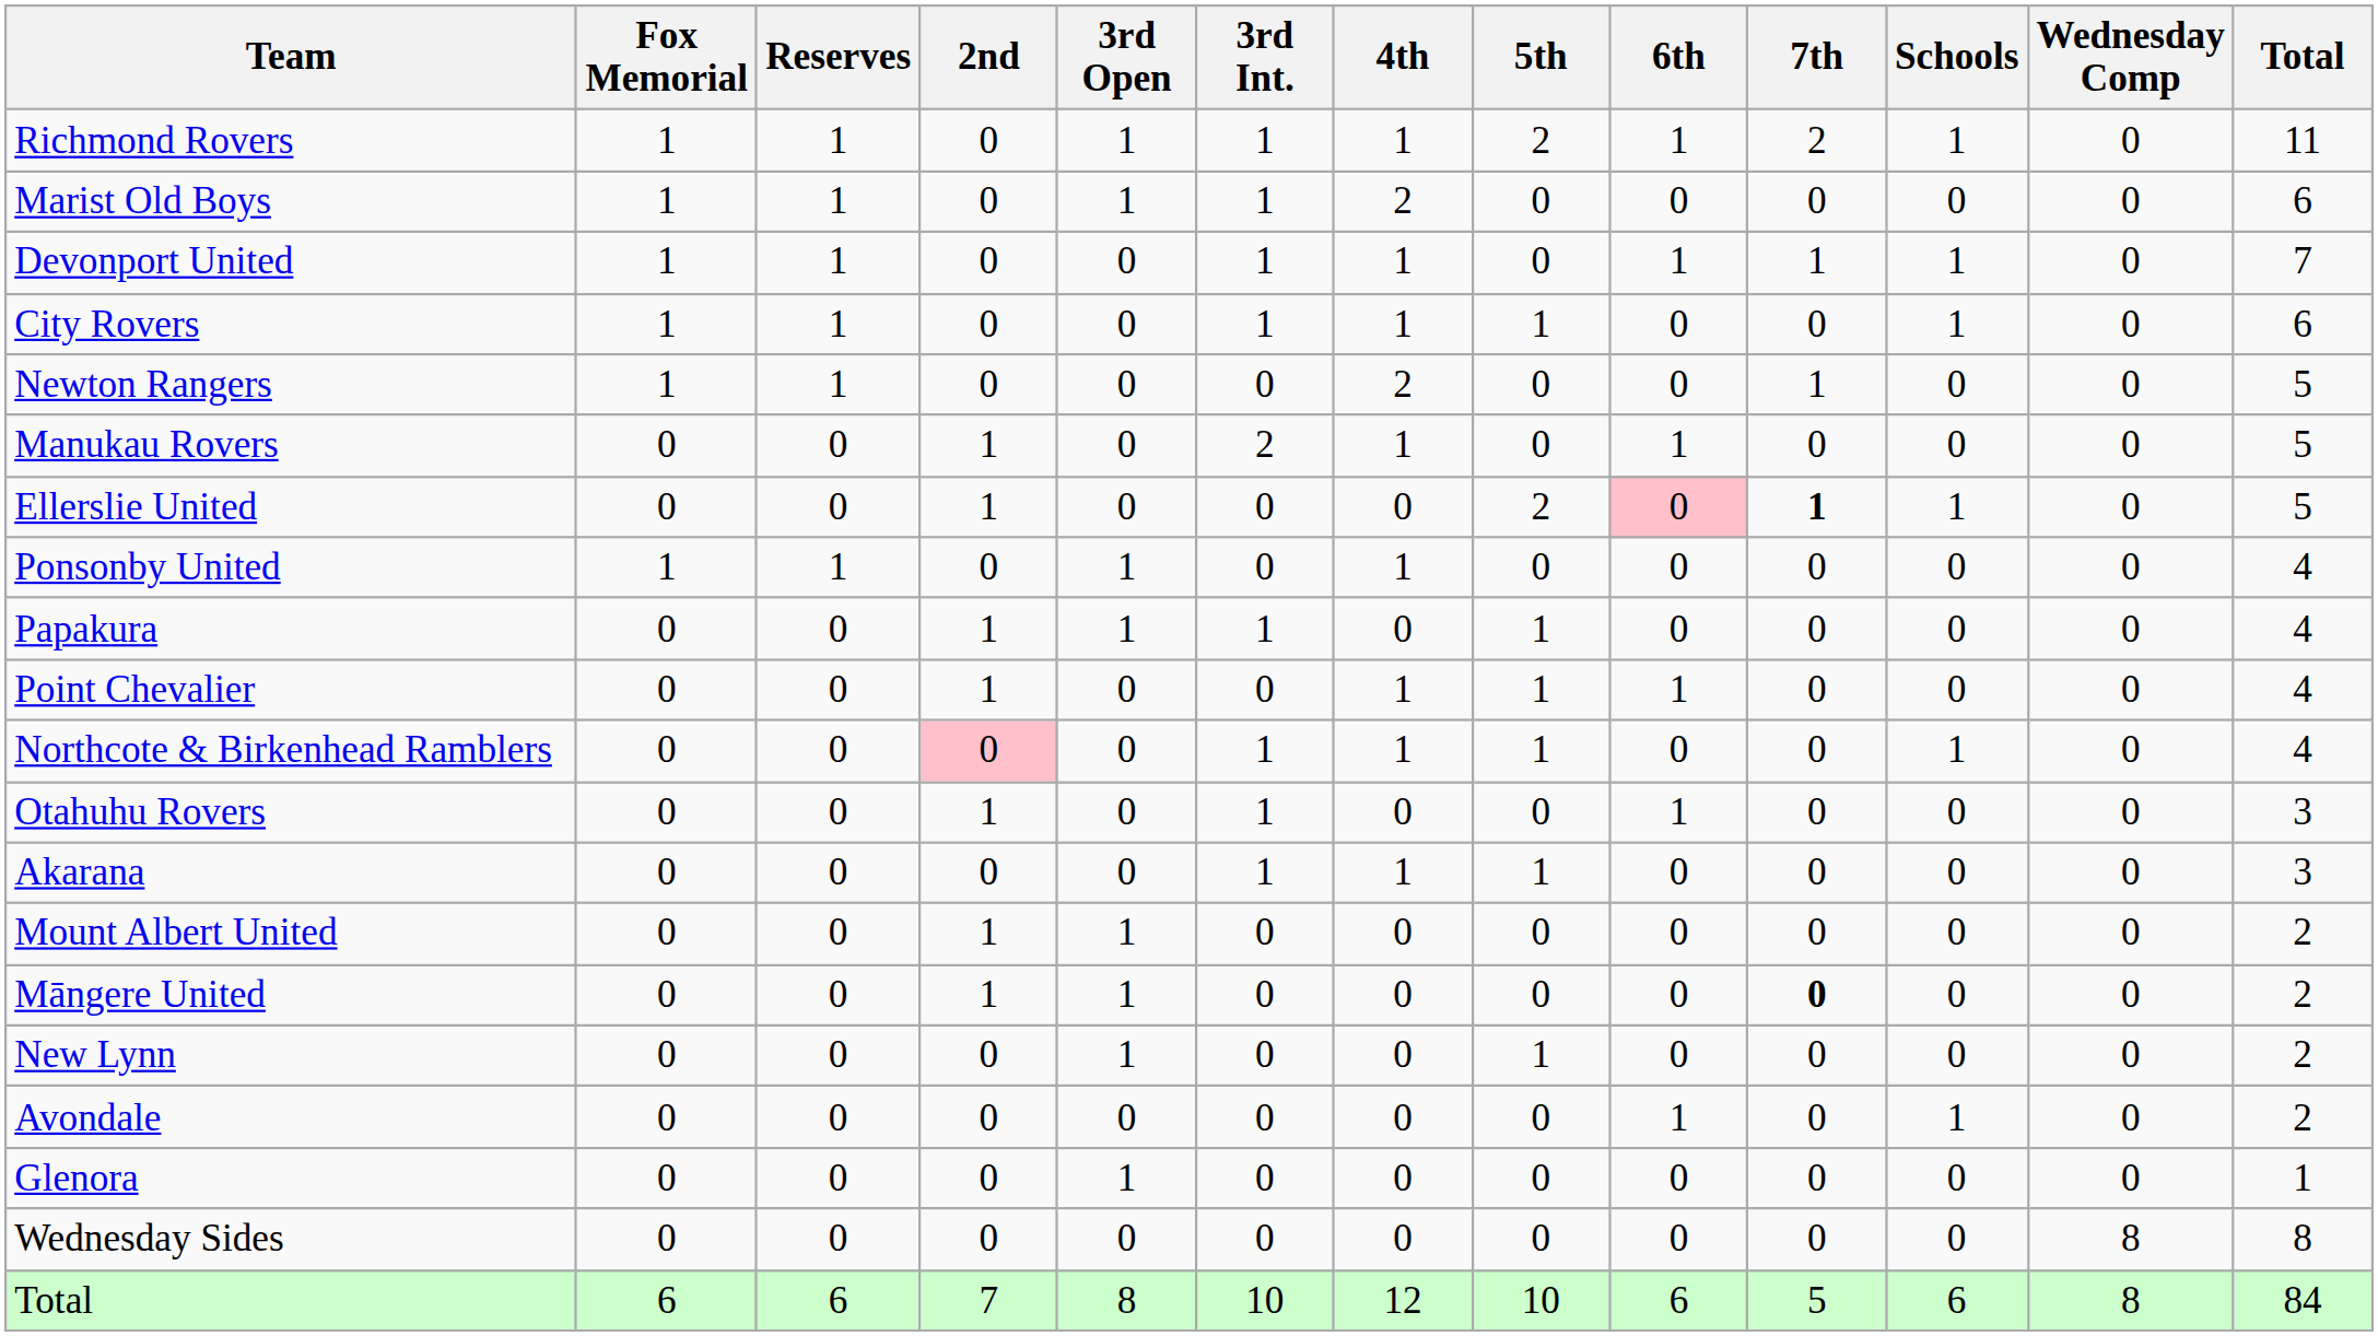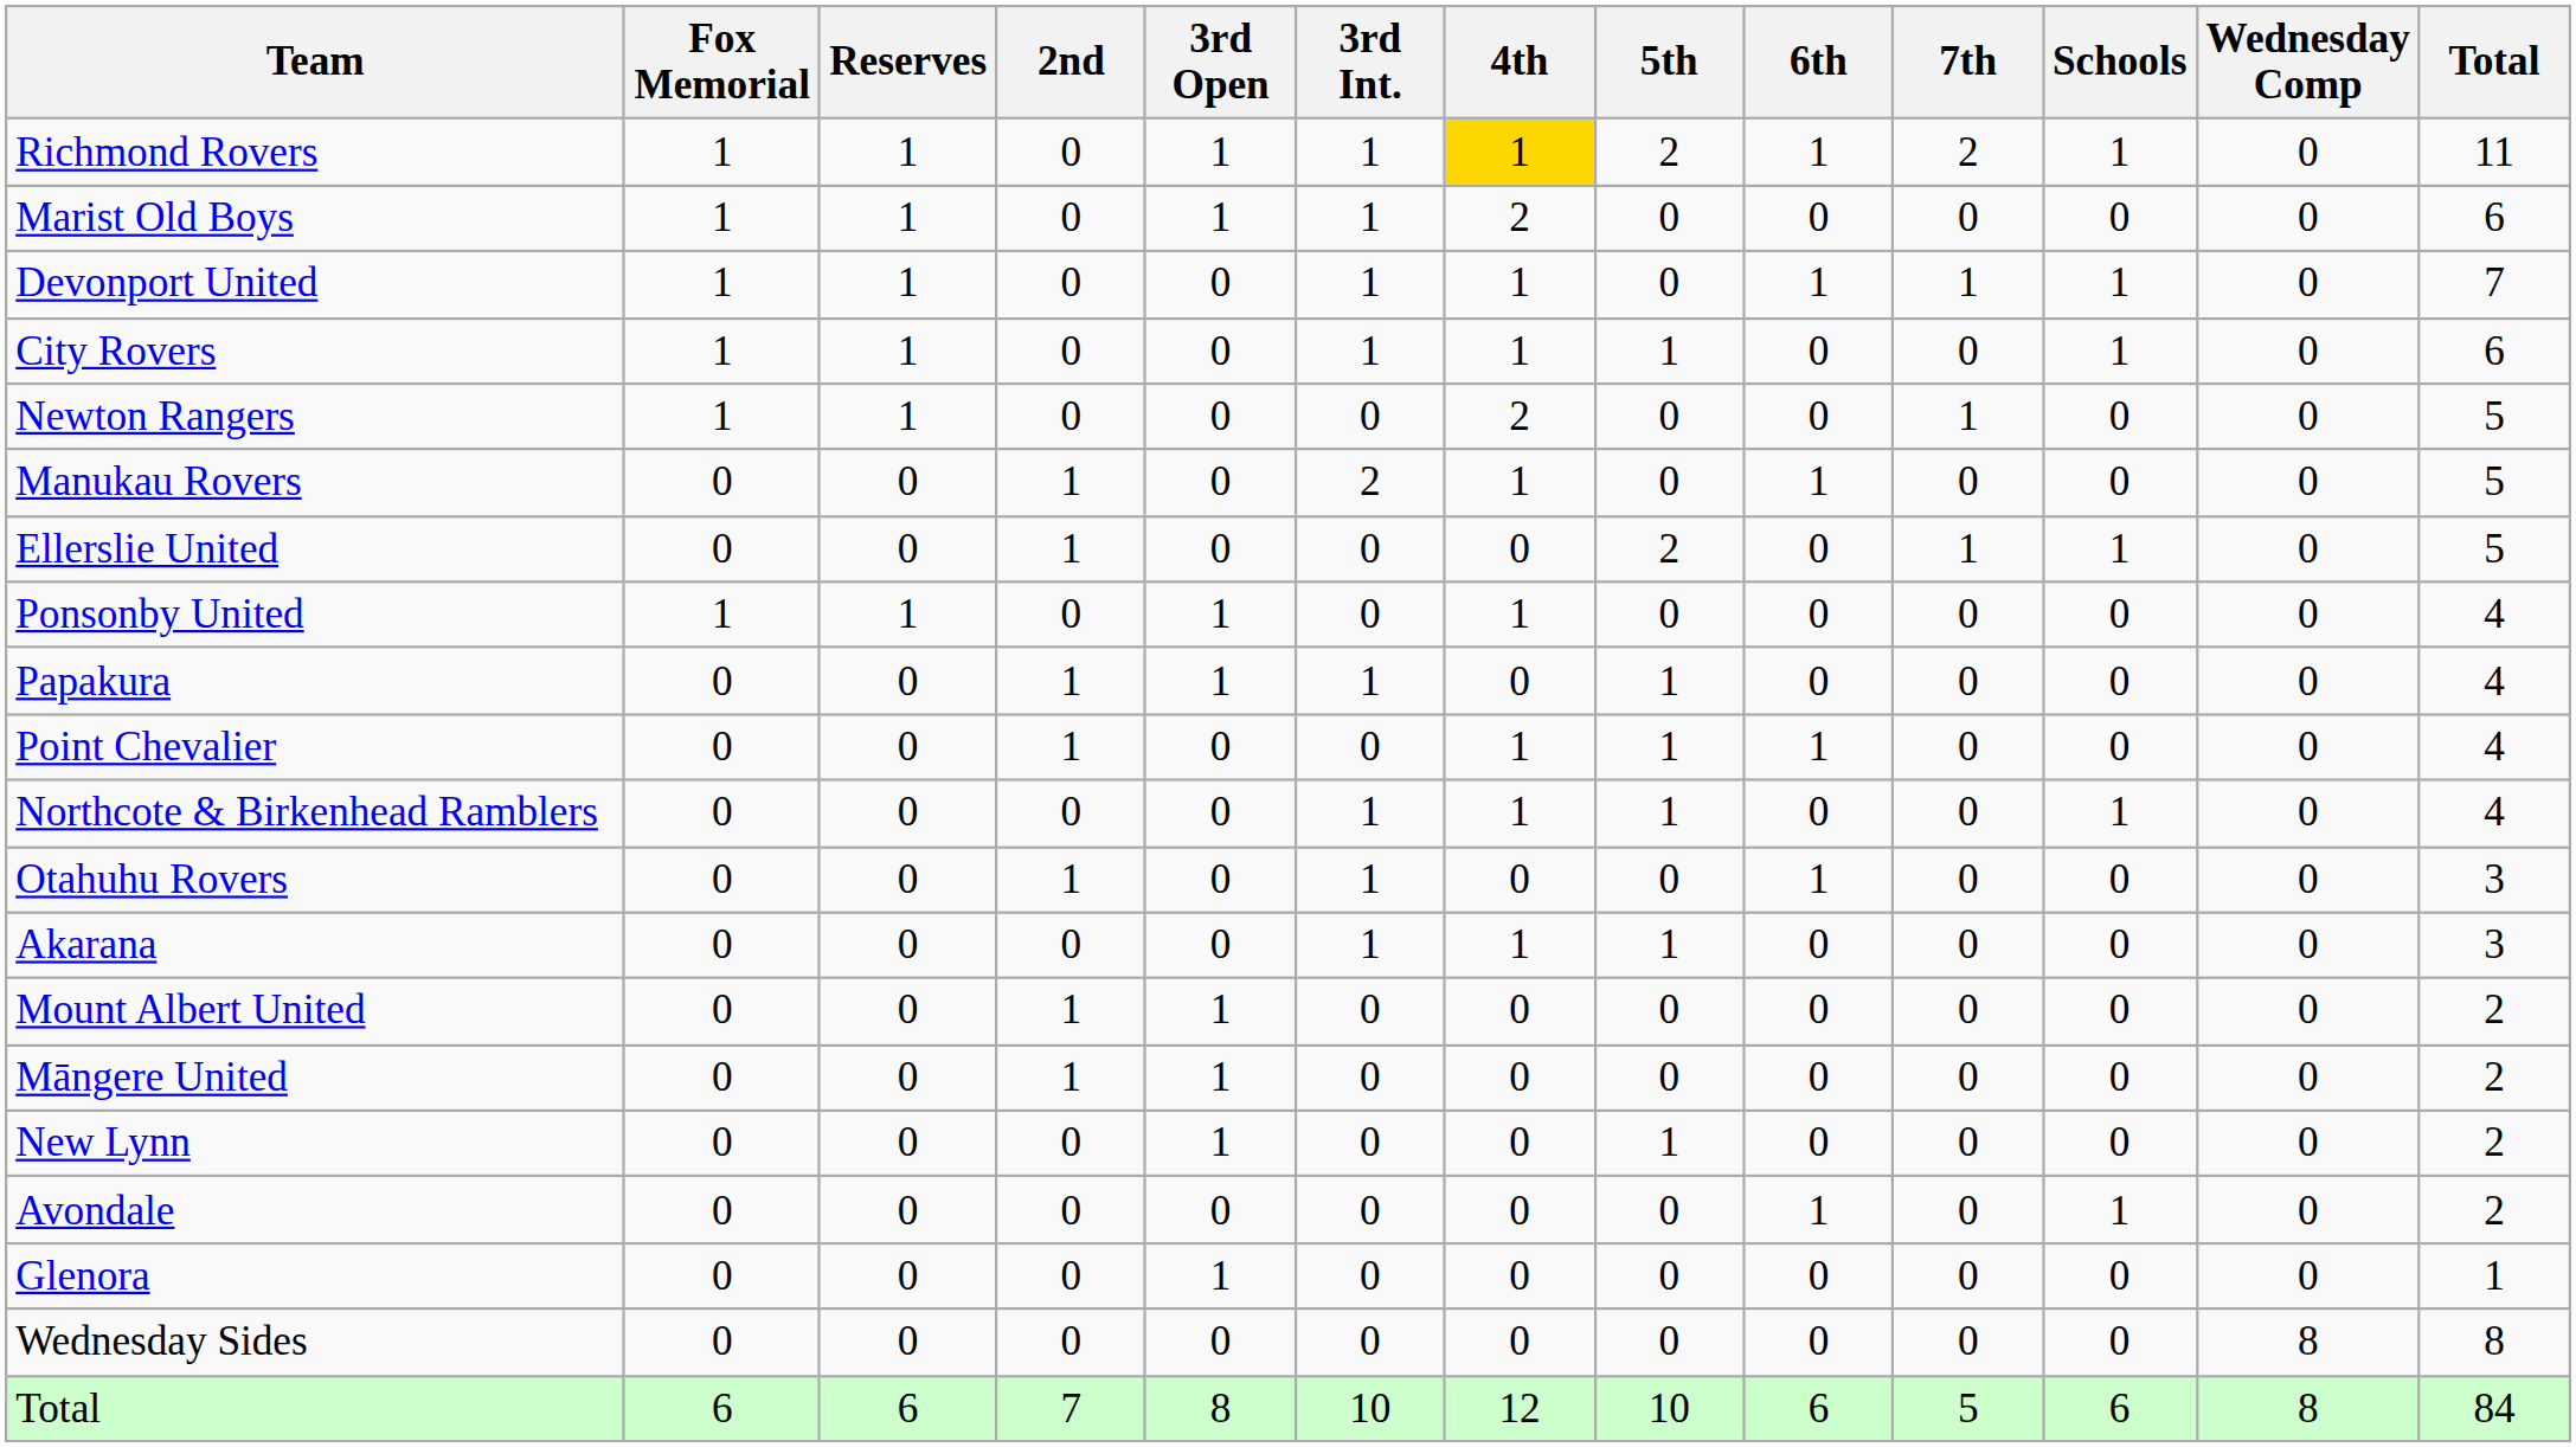 <table class="wikitable" style="text-align:center;">
 <tr>
 <th width=230>Team</th>
 <th width=50 abbr="1st Grade">Fox Memorial</th>
 <th width=50 abbr="Reserves">Reserves</th>
 <th width=50 abbr="2nd Grade">2nd</th>
 <th width=50 abbr="3rd Grade">3rd Open</th>
 <th width=50 abbr="3rd Grade">3rd Int.</th>
 <th width=50 abbr="4th Grade">4th</th>
 <th width=50 abbr="5th Grade">5th</th>
 <th width=50 abbr="6th Grade">6th</th>
 <th width=50 abbr="7th Grade">7th</th>
 <th width=50 abbr="Schoolboys">Schools</th>
 <th width=50 abbr="Wednesday Comp">Wednesday Comp</th>
 <th width=50 abbr="Total">Total</th>
 </tr>
 <tr>
 <td style="text-align:left;"><a href='#'>Richmond Rovers</a></td>
 <td>1</td>
 <td>1</td>
 <td>0</td>
 <td>1</td>
 <td>1</td>
-<td>1</td>
+<td style="background: gold;">1</td>
 <td>2</td>
 <td>1</td>
 <td>2</td>
 <td>1</td>
 <td>0</td>
 <td>11</td>
 </tr>
 <tr>
 <td style="text-align:left;"><a href='#'>Marist Old Boys</a></td>
 <td>1</td>
 <td>1</td>
 <td>0</td>
 <td>1</td>
 <td>1</td>
 <td>2</td>
 <td>0</td>
 <td>0</td>
 <td>0</td>
 <td>0</td>
 <td>0</td>
 <td>6</td>
 </tr>
 <tr>
 <td style="text-align:left;"><a href='#'>Devonport United</a></td>
 <td>1</td>
 <td>1</td>
 <td>0</td>
 <td>0</td>
 <td>1</td>
 <td>1</td>
 <td>0</td>
 <td>1</td>
 <td>1</td>
 <td>1</td>
 <td>0</td>
 <td>7</td>
 </tr>
 <tr>
 <td style="text-align:left;"><a href='#'>City Rovers</a></td>
 <td>1</td>
 <td>1</td>
 <td>0</td>
 <td>0</td>
 <td>1</td>
 <td>1</td>
 <td>1</td>
 <td>0</td>
 <td>0</td>
 <td>1</td>
 <td>0</td>
 <td>6</td>
 </tr>
 <tr>
 <td style="text-align:left;"><a href='#'>Newton Rangers</a></td>
 <td>1</td>
 <td>1</td>
 <td>0</td>
 <td>0</td>
 <td>0</td>
 <td>2</td>
 <td>0</td>
 <td>0</td>
 <td>1</td>
 <td>0</td>
 <td>0</td>
 <td>5</td>
 </tr>
 <tr>
 <td style="text-align:left;"><a href='#'>Manukau Rovers</a></td>
 <td>0</td>
 <td>0</td>
 <td>1</td>
 <td>0</td>
 <td>2</td>
 <td>1</td>
 <td>0</td>
 <td>1</td>
 <td>0</td>
 <td>0</td>
 <td>0</td>
 <td>5</td>
 </tr>
 <tr>
 <td style="text-align:left;"><a href='#'>Ellerslie United</a></td>
 <td>0</td>
 <td>0</td>
 <td>1</td>
 <td>0</td>
 <td>0</td>
 <td>0</td>
 <td>2</td>
-<td style="background: pink;">0</td>
-<td><strong>1</strong></td>
+<td>0</td>
+<td>1</td>
 <td>1</td>
 <td>0</td>
 <td>5</td>
 </tr>
 <tr>
 <td style="text-align:left;"><a href='#'>Ponsonby United</a></td>
 <td>1</td>
 <td>1</td>
 <td>0</td>
 <td>1</td>
 <td>0</td>
 <td>1</td>
 <td>0</td>
 <td>0</td>
 <td>0</td>
 <td>0</td>
 <td>0</td>
 <td>4</td>
 </tr>
 <tr>
 <td style="text-align:left;"><a href='#'>Papakura</a></td>
 <td>0</td>
 <td>0</td>
 <td>1</td>
 <td>1</td>
 <td>1</td>
 <td>0</td>
 <td>1</td>
 <td>0</td>
 <td>0</td>
 <td>0</td>
 <td>0</td>
 <td>4</td>
 </tr>
 <tr>
 <td style="text-align:left;"><a href='#'>Point Chevalier</a></td>
 <td>0</td>
 <td>0</td>
 <td>1</td>
 <td>0</td>
 <td>0</td>
 <td>1</td>
 <td>1</td>
 <td>1</td>
 <td>0</td>
 <td>0</td>
 <td>0</td>
 <td>4</td>
 </tr>
 <tr>
 <td style="text-align:left;"><a href='#'>Northcote & Birkenhead Ramblers</a></td>
 <td>0</td>
 <td>0</td>
-<td style="background: pink;">0</td>
+<td>0</td>
 <td>0</td>
 <td>1</td>
 <td>1</td>
 <td>1</td>
 <td>0</td>
 <td>0</td>
 <td>1</td>
 <td>0</td>
 <td>4</td>
 </tr>
 <tr>
 <td style="text-align:left;"><a href='#'>Otahuhu Rovers</a></td>
 <td>0</td>
 <td>0</td>
 <td>1</td>
 <td>0</td>
 <td>1</td>
 <td>0</td>
 <td>0</td>
 <td>1</td>
 <td>0</td>
 <td>0</td>
 <td>0</td>
 <td>3</td>
 </tr>
 <tr>
 <td style="text-align:left;"><a href='#'>Akarana</a></td>
 <td>0</td>
 <td>0</td>
 <td>0</td>
 <td>0</td>
 <td>1</td>
 <td>1</td>
 <td>1</td>
 <td>0</td>
 <td>0</td>
 <td>0</td>
 <td>0</td>
 <td>3</td>
 </tr>
 <tr>
 <td style="text-align:left;"><a href='#'>Mount Albert United</a></td>
 <td>0</td>
 <td>0</td>
 <td>1</td>
 <td>1</td>
 <td>0</td>
 <td>0</td>
 <td>0</td>
 <td>0</td>
 <td>0</td>
 <td>0</td>
 <td>0</td>
 <td>2</td>
 </tr>
 <tr>
 <td style="text-align:left;"><a href='#'>Māngere United</a></td>
 <td>0</td>
 <td>0</td>
 <td>1</td>
 <td>1</td>
 <td>0</td>
 <td>0</td>
 <td>0</td>
 <td>0</td>
-<td><strong>0</strong></td>
+<td>0</td>
 <td>0</td>
 <td>0</td>
 <td>2</td>
 </tr>
 <tr>
 <td style="text-align:left;"><a href='#'>New Lynn</a></td>
 <td>0</td>
 <td>0</td>
 <td>0</td>
 <td>1</td>
 <td>0</td>
 <td>0</td>
 <td>1</td>
 <td>0</td>
 <td>0</td>
 <td>0</td>
 <td>0</td>
 <td>2</td>
 </tr>
 <tr>
 <td style="text-align:left;"><a href='#'>Avondale</a></td>
 <td>0</td>
 <td>0</td>
 <td>0</td>
 <td>0</td>
 <td>0</td>
 <td>0</td>
 <td>0</td>
 <td>1</td>
 <td>0</td>
 <td>1</td>
 <td>0</td>
 <td>2</td>
 </tr>
 <tr>
 <td style="text-align:left;"><a href='#'>Glenora</a></td>
 <td>0</td>
 <td>0</td>
 <td>0</td>
 <td>1</td>
 <td>0</td>
 <td>0</td>
 <td>0</td>
 <td>0</td>
 <td>0</td>
 <td>0</td>
 <td>0</td>
 <td>1</td>
 </tr>
 <tr>
 <td style="text-align:left;">Wednesday Sides</td>
 <td>0</td>
 <td>0</td>
 <td>0</td>
 <td>0</td>
 <td>0</td>
 <td>0</td>
 <td>0</td>
 <td>0</td>
 <td>0</td>
 <td>0</td>
 <td>8</td>
 <td>8</td>
 </tr>
 <tr style="background: #ccffcc;">
 <td style="text-align:left;">Total</td>
 <td>6</td>
 <td>6</td>
 <td>7</td>
 <td>8</td>
 <td>10</td>
 <td>12</td>
 <td>10</td>
 <td>6</td>
 <td>5</td>
 <td>6</td>
 <td>8</td>
 <td>84</td>
 </tr>
 <tr>
 </tr>
 </table>
